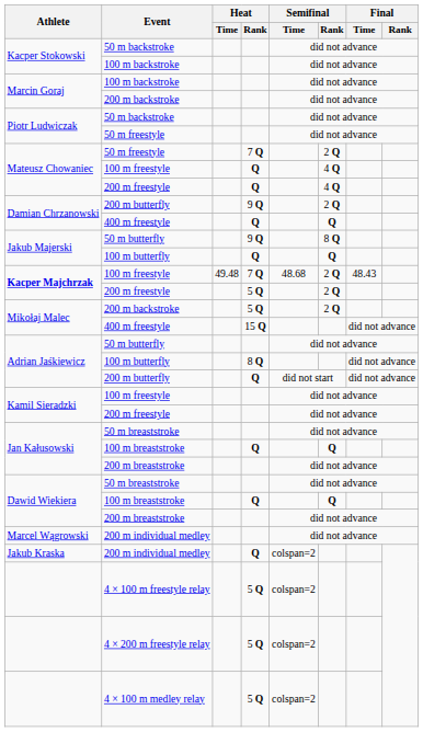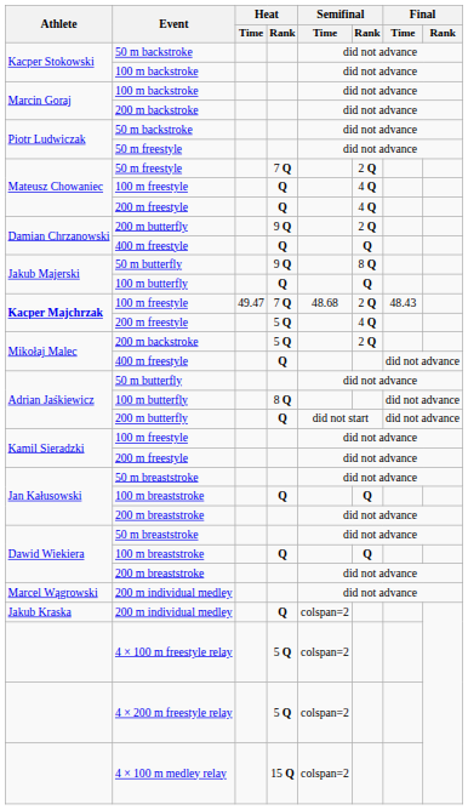 <table class=wikitable style="font-size:90%">
 <tr>
 <th rowspan="2">Athlete</th>
 <th rowspan="2">Event</th>
 <th colspan="2">Heat</th>
 <th colspan="2">Semifinal</th>
 <th colspan="2">Final</th>
 </tr>
 <tr style="font-size:95%">
 <th>Time</th>
 <th>Rank</th>
 <th>Time</th>
 <th>Rank</th>
 <th>Time</th>
 <th>Rank</th>
 </tr>
 <tr align=center>
 <td rowspan=2 align=left><a href='#'>Kacper Stokowski</a></td>
 <td align=left><a href='#'>50 m backstroke</a></td>
 <td></td>
 <td></td>
 <td colspan=4>did not advance</td>
 </tr>
 <tr align=center>
 <td align=left><a href='#'>100 m backstroke</a></td>
 <td></td>
 <td></td>
 <td colspan=4>did not advance</td>
 </tr>
 <tr align=center>
 <td rowspan=2 align=left><a href='#'>Marcin Goraj</a></td>
 <td align=left><a href='#'>100 m backstroke</a></td>
 <td></td>
 <td></td>
 <td colspan=4>did not advance</td>
 </tr>
 <tr align=center>
 <td align=left><a href='#'>200 m backstroke</a></td>
 <td></td>
 <td></td>
 <td colspan=4>did not advance</td>
 </tr>
 <tr align=center>
 <td rowspan=2 align=left><a href='#'>Piotr Ludwiczak</a></td>
 <td align=left><a href='#'>50 m backstroke</a></td>
 <td></td>
 <td></td>
 <td colspan=4>did not advance</td>
 </tr>
 <tr align=center>
 <td align=left><a href='#'>50 m freestyle</a></td>
 <td></td>
 <td></td>
 <td colspan=4>did not advance</td>
 </tr>
 <tr align=center>
 <td rowspan=3 align=left><a href='#'>Mateusz Chowaniec</a></td>
 <td align=left><a href='#'>50 m freestyle</a></td>
 <td></td>
 <td>7 <strong>Q</strong></td>
 <td></td>
 <td>2 <strong>Q</strong></td>
 <td></td>
 <td></td>
 </tr>
 <tr align=center>
 <td align=left><a href='#'>100 m freestyle</a></td>
 <td></td>
 <td><strong>Q</strong></td>
 <td></td>
 <td>4 <strong>Q</strong></td>
 <td></td>
 <td></td>
 </tr>
 <tr align=center>
 <td align=left><a href='#'>200 m freestyle</a></td>
 <td></td>
 <td><strong>Q</strong></td>
 <td></td>
 <td>4 <strong>Q</strong></td>
 <td></td>
 <td></td>
 </tr>
 <tr align=center>
 <td align=left rowspan=2><a href='#'>Damian Chrzanowski</a></td>
 <td align=left><a href='#'>200 m butterfly</a></td>
 <td></td>
 <td>9 <strong>Q</strong></td>
 <td></td>
 <td>2 <strong>Q</strong></td>
 <td></td>
 <td></td>
 </tr>
 <tr align=center>
 <td align=left><a href='#'>400 m freestyle</a></td>
 <td></td>
 <td><strong>Q</strong></td>
 <td></td>
 <td><strong>Q</strong></td>
 <td></td>
 <td></td>
 </tr>
 <tr align=center>
 <td align=left rowspan=2><a href='#'>Jakub Majerski</a></td>
 <td align=left><a href='#'>50 m butterfly</a></td>
 <td></td>
 <td>9 <strong>Q</strong></td>
 <td></td>
 <td>8 <strong>Q</strong></td>
 <td></td>
 <td></td>
 </tr>
 <tr align=center>
 <td align=left><a href='#'>100 m butterfly</a></td>
 <td></td>
 <td><strong>Q</strong></td>
 <td></td>
 <td><strong>Q</strong></td>
 <td></td>
 <td></td>
 </tr>
 <tr align=center>
 <td rowspan=2 align=left><strong><a href='#'>Kacper Majchrzak</a></strong></td>
 <td align=left><a href='#'>100 m freestyle</a></td>
-<td>49.48</td>
+<td>49.47</td>
 <td>7 <strong>Q</strong></td>
 <td>48.68</td>
 <td>2 <strong>Q</strong></td>
 <td>48.43</td>
 <td></td>
 </tr>
 <tr align=center>
 <td align=left><a href='#'>200 m freestyle</a></td>
 <td></td>
 <td>5 <strong>Q</strong></td>
 <td></td>
-<td>2 <strong>Q</strong></td>
+<td>4 <strong>Q</strong></td>
 <td></td>
 <td></td>
 </tr>
 <tr align=center>
 <td rowspan=2 align=left><a href='#'>Mikołaj Malec</a></td>
 <td align=left><a href='#'>200 m backstroke</a></td>
 <td></td>
 <td>5 <strong>Q</strong></td>
 <td></td>
 <td>2 <strong>Q</strong></td>
 <td></td>
 <td></td>
 </tr>
 <tr align=center>
 <td align=left><a href='#'>400 m freestyle</a></td>
 <td></td>
-<td>15 <strong>Q</strong></td>
+<td><strong>Q</strong></td>
 <td></td>
 <td></td>
 <td colspan=2>did not advance</td>
 </tr>
 <tr align=center>
 <td rowspan=3 align=left><a href='#'>Adrian Jaśkiewicz</a></td>
 <td align=left><a href='#'>50 m butterfly</a></td>
 <td></td>
 <td></td>
 <td colspan=4>did not advance</td>
 </tr>
 <tr align=center>
 <td align=left><a href='#'>100 m butterfly</a></td>
 <td></td>
 <td>8 <strong>Q</strong></td>
 <td></td>
 <td></td>
 <td colspan=2>did not advance</td>
 </tr>
 <tr align=center>
 <td align=left><a href='#'>200 m butterfly</a></td>
 <td></td>
 <td><strong>Q</strong></td>
 <td colspan=2>did not start</td>
 <td colspan=2>did not advance</td>
 </tr>
 <tr align=center>
 <td rowspan=2 align=left><a href='#'>Kamil Sieradzki</a></td>
 <td align=left><a href='#'>100 m freestyle</a></td>
 <td></td>
 <td></td>
 <td colspan=4>did not advance</td>
 </tr>
 <tr align=center>
 <td align=left><a href='#'>200 m freestyle</a></td>
 <td></td>
 <td></td>
 <td colspan=4>did not advance</td>
 </tr>
 <tr align=center>
 <td rowspan=3 align=left><a href='#'>Jan Kałusowski</a></td>
 <td align=left><a href='#'>50 m breaststroke</a></td>
 <td></td>
 <td></td>
 <td colspan=4>did not advance</td>
 </tr>
 <tr align=center>
 <td align=left><a href='#'>100 m breaststroke</a></td>
 <td></td>
 <td><strong>Q</strong></td>
 <td></td>
 <td><strong>Q</strong></td>
 <td></td>
 <td></td>
 </tr>
 <tr align=center>
 <td align=left><a href='#'>200 m breaststroke</a></td>
 <td></td>
 <td></td>
 <td colspan=4>did not advance</td>
 </tr>
 <tr align=center>
 <td rowspan=3 align=left><a href='#'>Dawid Wiekiera</a></td>
 <td align=left><a href='#'>50 m breaststroke</a></td>
 <td></td>
 <td></td>
 <td colspan=4>did not advance</td>
 </tr>
 <tr align=center>
 <td align=left><a href='#'>100 m breaststroke</a></td>
 <td></td>
 <td><strong>Q</strong></td>
 <td></td>
 <td><strong>Q</strong></td>
 <td></td>
 <td></td>
 </tr>
 <tr align=center>
 <td align=left><a href='#'>200 m breaststroke</a></td>
 <td></td>
 <td></td>
 <td colspan=4>did not advance</td>
 </tr>
 <tr align=center>
 <td align=left><a href='#'>Marcel Wągrowski</a></td>
 <td align=left><a href='#'>200 m individual medley</a></td>
 <td></td>
 <td></td>
 <td colspan=4>did not advance</td>
 </tr>
 <tr align=center>
 <td align=left><a href='#'>Jakub Kraska</a></td>
 <td align=left><a href='#'>200 m individual medley</a></td>
 <td></td>
 <td><strong>Q</strong></td>
 <td>colspan=2 </td>
 <td></td>
 <td></td>
 </tr>
 <tr align=center>
 <td align=left><a href='#'></a><br><a href='#'></a><br><a href='#'></a><br><a href='#'></a><br><a href='#'></a></td>
 <td align=left><a href='#'>4 × 100 m freestyle relay</a></td>
 <td></td>
 <td>5 <strong>Q</strong></td>
 <td>colspan=2 </td>
 <td></td>
 <td></td>
 </tr>
 <tr align=center>
 <td align=left><a href='#'></a><br><a href='#'></a><br><a href='#'></a><br><a href='#'></a><br><a href='#'></a></td>
 <td align=left><a href='#'>4 × 200 m freestyle relay</a></td>
 <td></td>
 <td>5 <strong>Q</strong></td>
 <td>colspan=2 </td>
 <td></td>
 <td></td>
 </tr>
 <tr align=center>
 <td align=left><a href='#'></a><br><a href='#'></a><br><a href='#'></a><br><a href='#'></a><br><a href='#'></a></td>
 <td align=left><a href='#'>4 × 100 m medley relay</a></td>
 <td></td>
-<td>5 <strong>Q</strong></td>
+<td>15 <strong>Q</strong></td>
 <td>colspan=2 </td>
 <td></td>
 <td></td>
 </tr>
 </table>
